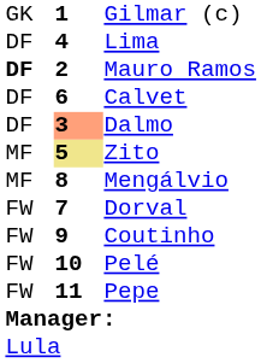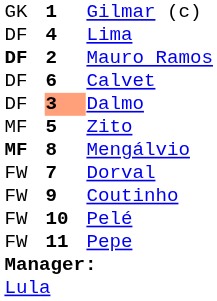 <table style="font-size:90%; margin:0.2em auto;" cellspacing="0" cellpadding="0">
 <tr>
 <th width="25"></th>
 <th width="25"></th>
 </tr>
 <tr>
 <td>GK</td>
 <td><strong>1</strong></td>
 <td> <a href='#'>Gilmar</a> (c)</td>
 </tr>
 <tr>
 <td>DF</td>
 <td><strong>4</strong></td>
 <td> <a href='#'>Lima</a></td>
 </tr>
 <tr>
 <td><strong>DF</strong></td>
 <td><strong>2</strong></td>
 <td> <a href='#'>Mauro Ramos</a></td>
 </tr>
 <tr>
 <td>DF</td>
 <td><strong>6</strong></td>
 <td> <a href='#'>Calvet</a></td>
 </tr>
 <tr>
 <td>DF</td>
 <td style="background: lightsalmon;"><strong>3</strong></td>
 <td> <a href='#'>Dalmo</a></td>
 </tr>
 <tr>
 <td>MF</td>
-<td style="background: khaki;"><strong>5</strong></td>
+<td><strong>5</strong></td>
 <td> <a href='#'>Zito</a></td>
 </tr>
 <tr>
-<td>MF</td>
+<td><strong>MF</strong></td>
 <td><strong>8</strong></td>
 <td> <a href='#'>Mengálvio</a></td>
 </tr>
 <tr>
 <td>FW</td>
 <td><strong>7</strong></td>
 <td> <a href='#'>Dorval</a></td>
 </tr>
 <tr>
 <td>FW</td>
 <td><strong>9</strong></td>
 <td> <a href='#'>Coutinho</a></td>
 </tr>
 <tr>
 <td>FW</td>
 <td><strong>10</strong></td>
 <td> <a href='#'>Pelé</a></td>
 </tr>
 <tr>
 <td>FW</td>
 <td><strong>11</strong></td>
 <td> <a href='#'>Pepe</a></td>
 </tr>
 <tr>
 <td colspan=3><strong>Manager:</strong></td>
 </tr>
 <tr>
 <td colspan=4> <a href='#'>Lula</a></td>
 </tr>
 </table>
